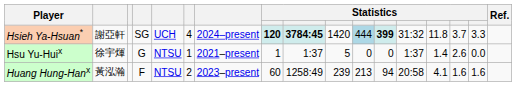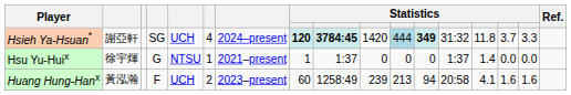 <table class="wikitable sortable" style="font-size:95%; text-align:right;">
 <tr>
 <th rowspan="2">Player</th>
 <th rowspan="2"></th>
 <th rowspan="2"></th>
 <th rowspan="2"></th>
 <th rowspan="2"></th>
 <th rowspan="2"></th>
 <th rowspan="2"></th>
 <th colspan="9">Statistics</th>
 <th rowspan="2">Ref.</th>
 </tr>
 <tr>
 <th></th>
 <th></th>
 <th></th>
 <th></th>
 <th></th>
 <th></th>
 <th></th>
 <th></th>
 <th></th>
 </tr>
 <tr>
 <td align="left" bgcolor="#FBCEB1"><em>Hsieh Ya-Hsuan</em><sup>*</sup></td>
 <td align="left">謝亞軒</td>
 <td align="center"></td>
 <td align="center">SG</td>
 <td align="left"><a href='#'>UCH</a></td>
 <td align="center">4</td>
 <td align="center"><a href='#'>2024–present</a></td>
 <td bgcolor="#CFECEC"><strong>120</strong></td>
 <td bgcolor="#CFECEC"><strong>3784:45</strong></td>
 <td>1420</td>
 <td style="background: lightblue;">444</td>
-<td bgcolor="#CFECEC"><strong>399</strong></td>
+<td bgcolor="#CFECEC"><strong>349</strong></td>
 <td>31:32</td>
 <td>11.8</td>
 <td>3.7</td>
 <td>3.3</td>
 <td align="center"></td>
 </tr>
 <tr>
 <td align="left" bgcolor="#CCFFCC">Hsu Yu-Hui<sup>x</sup></td>
 <td align="left">徐宇煇</td>
 <td align="center"></td>
 <td align="center">G</td>
 <td align="left"><a href='#'>NTSU</a></td>
 <td align="center">1</td>
 <td align="center"><a href='#'>2021</a>–<a href='#'>present</a></td>
 <td>1</td>
 <td>1:37</td>
-<td>5</td>
+<td>0</td>
 <td>0</td>
 <td>0</td>
 <td>1:37</td>
 <td>1.4</td>
-<td>2.6</td>
+<td>0.0</td>
 <td>0.0</td>
 <td align="center"></td>
 </tr>
 <tr>
 <td align="left" bgcolor="#CCFFCC"><em>Huang Hung-Han</em><sup>x</sup></td>
 <td align="left">黃泓瀚</td>
 <td align="center"></td>
 <td align="center">F</td>
-<td align="left"><a href='#'>NTSU</a></td>
+<td align="left"><a href='#'>UCH</a></td>
 <td align="center">2</td>
 <td align="center"><a href='#'>2023</a>–<a href='#'>present</a></td>
 <td>60</td>
 <td>1258:49</td>
 <td>239</td>
 <td>213</td>
 <td>94</td>
 <td>20:58</td>
 <td>4.1</td>
 <td>1.6</td>
 <td>1.6</td>
 <td align="center"></td>
 </tr>
 </table>
